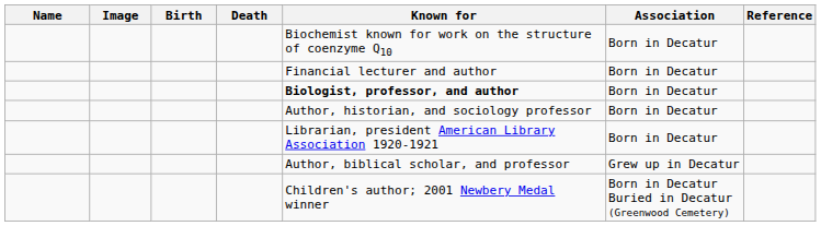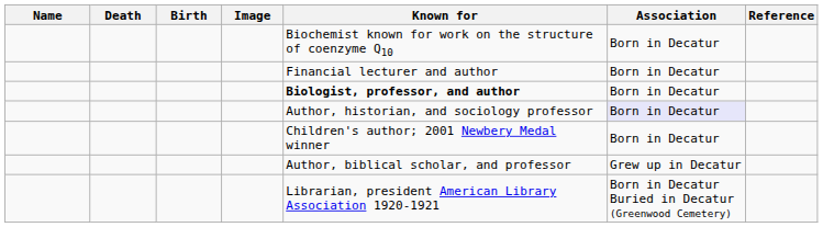 <table class="wikitable sortable">
 <tr>
 <th scope="col" style="width:140px;">Name</th>
+<th scope="col" style="width:90px;">Death</th>
+<th scope="col" style="width:90px;">Birth</th>
 <th scope="col" style="width:80px;" class="unsortable">Image</th>
-<th scope="col" style="width:90px;">Birth</th>
-<th scope="col" style="width:90px;">Death</th>
 <th scope="col" style="width:600px;" class="unsortable">Known for</th>
 <th scope="col" style="width:200px;" class="unsortable">Association</th>
 <th scope="col" style="width:30px;" class="unsortable">Reference</th>
 </tr>
 <tr>
 <td></td>
-<td></td>
 <td align=right></td>
 <td align=right></td>
+<td></td>
 <td>Biochemist known for work on the structure of coenzyme Q<sub>10</sub></td>
 <td>Born in Decatur</td>
 <td style="text-align:center;"></td>
 </tr>
 <tr>
 <td></td>
-<td></td>
 <td align=right></td>
 <td align=right></td>
+<td></td>
 <td>Financial lecturer and author</td>
 <td>Born in Decatur</td>
 <td style="text-align:center;"></td>
 </tr>
 <tr>
 <td></td>
-<td></td>
 <td align=right></td>
 <td align=right></td>
+<td></td>
 <td><strong>Biologist, professor, and author</strong></td>
 <td>Born in Decatur</td>
 <td style="text-align:center;"></td>
 </tr>
 <tr>
 <td></td>
+<td align=right></td>
+<td align=right></td>
+<td></td>
+<td>Author, historian, and sociology professor</td>
+<td style="background: lavender;">Born in Decatur</td>
+<td style="text-align:center;"></td>
+</tr>
+<tr>
 <td></td>
 <td align=right></td>
 <td align=right></td>
-<td>Author, historian, and sociology professor</td>
+<td></td>
+<td>Children's author; 2001 <a href='#'>Newbery Medal</a> winner</td>
 <td>Born in Decatur</td>
 <td style="text-align:center;"></td>
 </tr>
 <tr>
 <td></td>
-<td></td>
 <td align=right></td>
 <td align=right></td>
-<td>Librarian, president <a href='#'>American Library Association</a> 1920-1921</td>
-<td>Born in Decatur</td>
-<td style="text-align:center;"></td>
-</tr>
-<tr>
 <td></td>
-<td></td>
-<td align=right></td>
-<td align=right></td>
 <td>Author, biblical scholar, and professor</td>
 <td>Grew up in Decatur</td>
 <td style="text-align:center;"></td>
 </tr>
 <tr>
 <td></td>
-<td></td>
 <td align=right></td>
 <td align=right></td>
-<td>Children's author; 2001 <a href='#'>Newbery Medal</a> winner</td>
+<td></td>
+<td>Librarian, president <a href='#'>American Library Association</a> 1920-1921</td>
 <td>Born in Decatur<br>Buried in Decatur <small>(Greenwood Cemetery)</small></td>
 <td style="text-align:center;"></td>
 </tr>
 </table>
